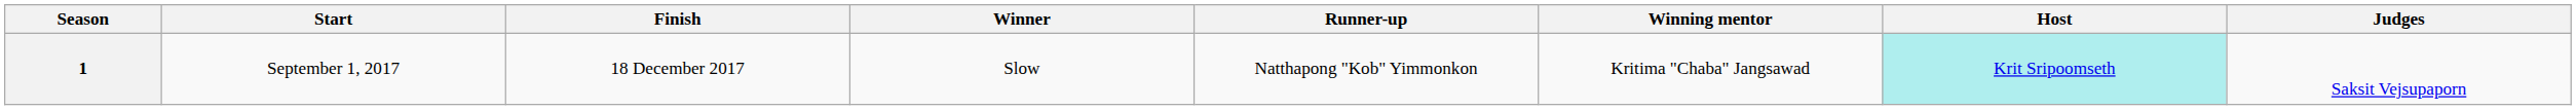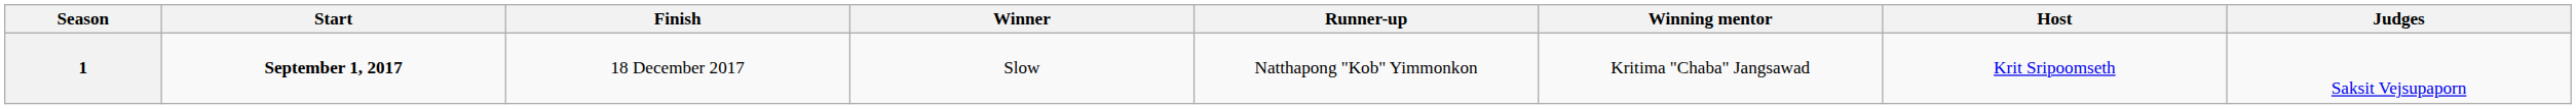 <table class="wikitable" style="text-align:center; font-size:85%; line-height:16px; width:100%;">
 <tr>
 <th scope="col" style="width:05%">Season</th>
 <th scope="col" style="width:11%">Start</th>
 <th scope="col" style="width:11%">Finish</th>
 <th scope="col" style="width:11%">Winner</th>
 <th scope="col" style="width:11%">Runner-up</th>
 <th scope="col" style="width:11%">Winning mentor</th>
 <th scope="col" style="width:11%">Host</th>
 <th colspan="4" scope="col" style="width:11%">Judges</th>
 </tr>
 <tr>
 <th>1</th>
-<td>September 1, 2017</td>
+<td><strong>September 1, 2017</strong></td>
 <td>18 December 2017</td>
 <td>Slow</td>
 <td>Natthapong "Kob" Yimmonkon</td>
 <td>Kritima "Chaba" Jangsawad</td>
-<td style="background: paleturquoise;"><a href='#'>Krit Sripoomseth</a></td>
+<td><a href='#'>Krit Sripoomseth</a></td>
 <td><br><br><a href='#'>Saksit Vejsupaporn</a><br></td>
 </tr>
 </table>
